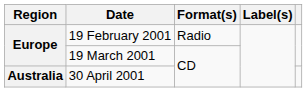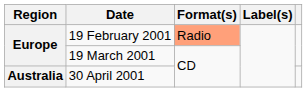 <table class="wikitable plainrowheaders">
 <tr>
 <th scope="col">Region</th>
 <th scope="col">Date</th>
 <th scope="col">Format(s)</th>
 <th scope="col">Label(s)</th>
 <th scope="col"></th>
 </tr>
 <tr>
 <th scope="row" rowspan="2">Europe</th>
 <td>19 February 2001</td>
-<td>Radio</td>
+<td style="background: lightsalmon;">Radio</td>
 <td rowspan="3"></td>
 <td rowspan="2"></td>
 </tr>
 <tr>
 <td>19 March 2001</td>
 <td rowspan="2">CD</td>
 </tr>
 <tr>
 <th scope="row">Australia</th>
 <td>30 April 2001</td>
 <td></td>
 </tr>
 </table>
